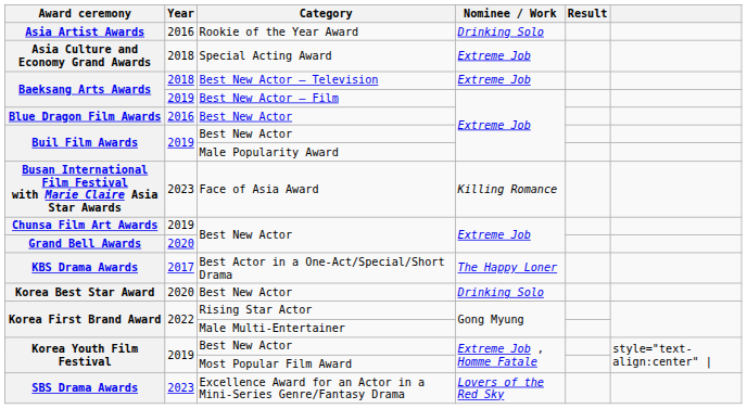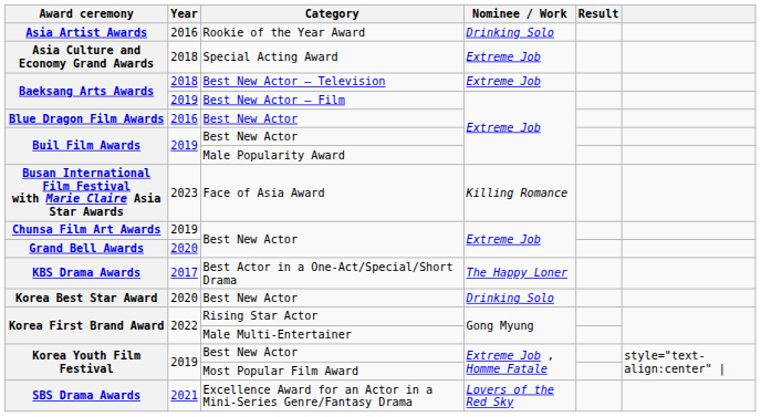 <table class="wikitable plainrowheaders sortable">
 <tr>
 <th scope="col">Award ceremony</th>
 <th scope="col">Year</th>
 <th scope="col">Category</th>
 <th scope="col">Nominee / Work</th>
 <th scope="col">Result</th>
 <th scope="col" class="unsortable"></th>
 </tr>
 <tr>
 <th scope="row"><a href='#'>Asia Artist Awards</a></th>
 <td style="text-align:center">2016</td>
 <td>Rookie of the Year Award</td>
 <td><em><a href='#'>Drinking Solo</a></em></td>
 <td></td>
 <td style="text-align:center"></td>
 </tr>
 <tr>
 <th scope="row">Asia Culture and Economy Grand Awards</th>
 <td style="text-align:center">2018</td>
 <td>Special Acting Award</td>
 <td><em><a href='#'>Extreme Job</a></em></td>
 <td></td>
 <td style="text-align:center"></td>
 </tr>
 <tr>
 <th scope="row"  rowspan="2"><a href='#'>Baeksang Arts Awards</a></th>
 <td style="text-align:center"><a href='#'>2018</a></td>
 <td><a href='#'>Best New Actor – Television</a></td>
 <td><em><a href='#'>Extreme Job</a></em></td>
 <td></td>
 <td style="text-align:center"></td>
 </tr>
 <tr>
 <td style="text-align:center"><a href='#'>2019</a></td>
 <td><a href='#'>Best New Actor – Film</a></td>
 <td rowspan="4"><em><a href='#'>Extreme Job</a></em></td>
 <td></td>
 <td style="text-align:center"></td>
 </tr>
 <tr>
 <th scope="row"><a href='#'>Blue Dragon Film Awards</a></th>
 <td style="text-align:center"><a href='#'>2016</a></td>
 <td><a href='#'>Best New Actor</a></td>
 <td></td>
 <td style="text-align:center"></td>
 </tr>
 <tr>
 <th scope="row"  rowspan="2"><a href='#'>Buil Film Awards</a></th>
 <td rowspan="2" style="text-align:center"><a href='#'>2019</a></td>
 <td>Best New Actor</td>
 <td></td>
 <td style="text-align:center"></td>
 </tr>
 <tr>
 <td>Male Popularity Award</td>
 <td></td>
 <td style="text-align:center"></td>
 </tr>
 <tr>
 <th scope="row"><a href='#'>Busan International Film Festival</a><br>with <em><a href='#'>Marie Claire</a></em> Asia Star Awards</th>
 <td style="text-align:center">2023</td>
 <td>Face of Asia Award</td>
 <td><em>Killing Romance</em></td>
 <td></td>
 <td style="text-align:center"></td>
 </tr>
 <tr>
 <th scope="row"><a href='#'>Chunsa Film Art Awards</a></th>
 <td style="text-align:center">2019</td>
 <td rowspan="2">Best New Actor</td>
 <td rowspan="2"><em><a href='#'>Extreme Job</a></em></td>
 <td></td>
 <td style="text-align:center"></td>
 </tr>
 <tr>
 <th scope="row"><a href='#'>Grand Bell Awards</a></th>
 <td style="text-align:center"><a href='#'>2020</a></td>
 <td></td>
 <td style="text-align:center"></td>
 </tr>
 <tr>
 <th scope="row"><a href='#'>KBS Drama Awards</a></th>
 <td style="text-align:center"><a href='#'>2017</a></td>
 <td>Best Actor in a One-Act/Special/Short Drama</td>
 <td><em><a href='#'>The Happy Loner</a></em></td>
 <td></td>
 <td style="text-align:center"></td>
 </tr>
 <tr>
 <th scope="row">Korea Best Star Award<br> </th>
 <td style="text-align:center">2020</td>
 <td>Best New Actor</td>
 <td><em><a href='#'>Drinking Solo</a></em></td>
 <td></td>
 <td style="text-align:center"></td>
 </tr>
 <tr>
 <th scope="row"  rowspan="2">Korea First Brand Award</th>
 <td rowspan="2" style="text-align:center">2022</td>
 <td>Rising Star Actor</td>
 <td rowspan="2">Gong Myung</td>
 <td></td>
 <td rowspan="2" style="text-align:center"></td>
 </tr>
 <tr>
 <td>Male Multi-Entertainer</td>
 <td></td>
 </tr>
 <tr>
 <th scope="row" rowspan="2">Korea Youth Film Festival</th>
 <td rowspan="2" style="text-align:center">2019</td>
 <td>Best New Actor</td>
 <td rowspan="2"><em><a href='#'>Extreme Job</a></em> , <em><a href='#'>Homme Fatale</a></em></td>
 <td></td>
 <td rowspan="2">style="text-align:center" |</td>
 </tr>
 <tr>
 <td>Most Popular Film Award</td>
 <td></td>
 </tr>
 <tr>
 <th scope="row"><a href='#'>SBS Drama Awards</a></th>
-<td style="text-align:center"><a href='#'>2023</a></td>
+<td style="text-align:center"><a href='#'>2021</a></td>
 <td>Excellence Award for an Actor in a Mini-Series Genre/Fantasy Drama</td>
 <td><em><a href='#'>Lovers of the Red Sky</a></em></td>
 <td></td>
 <td style="text-align:center"></td>
 </tr>
 </table>
